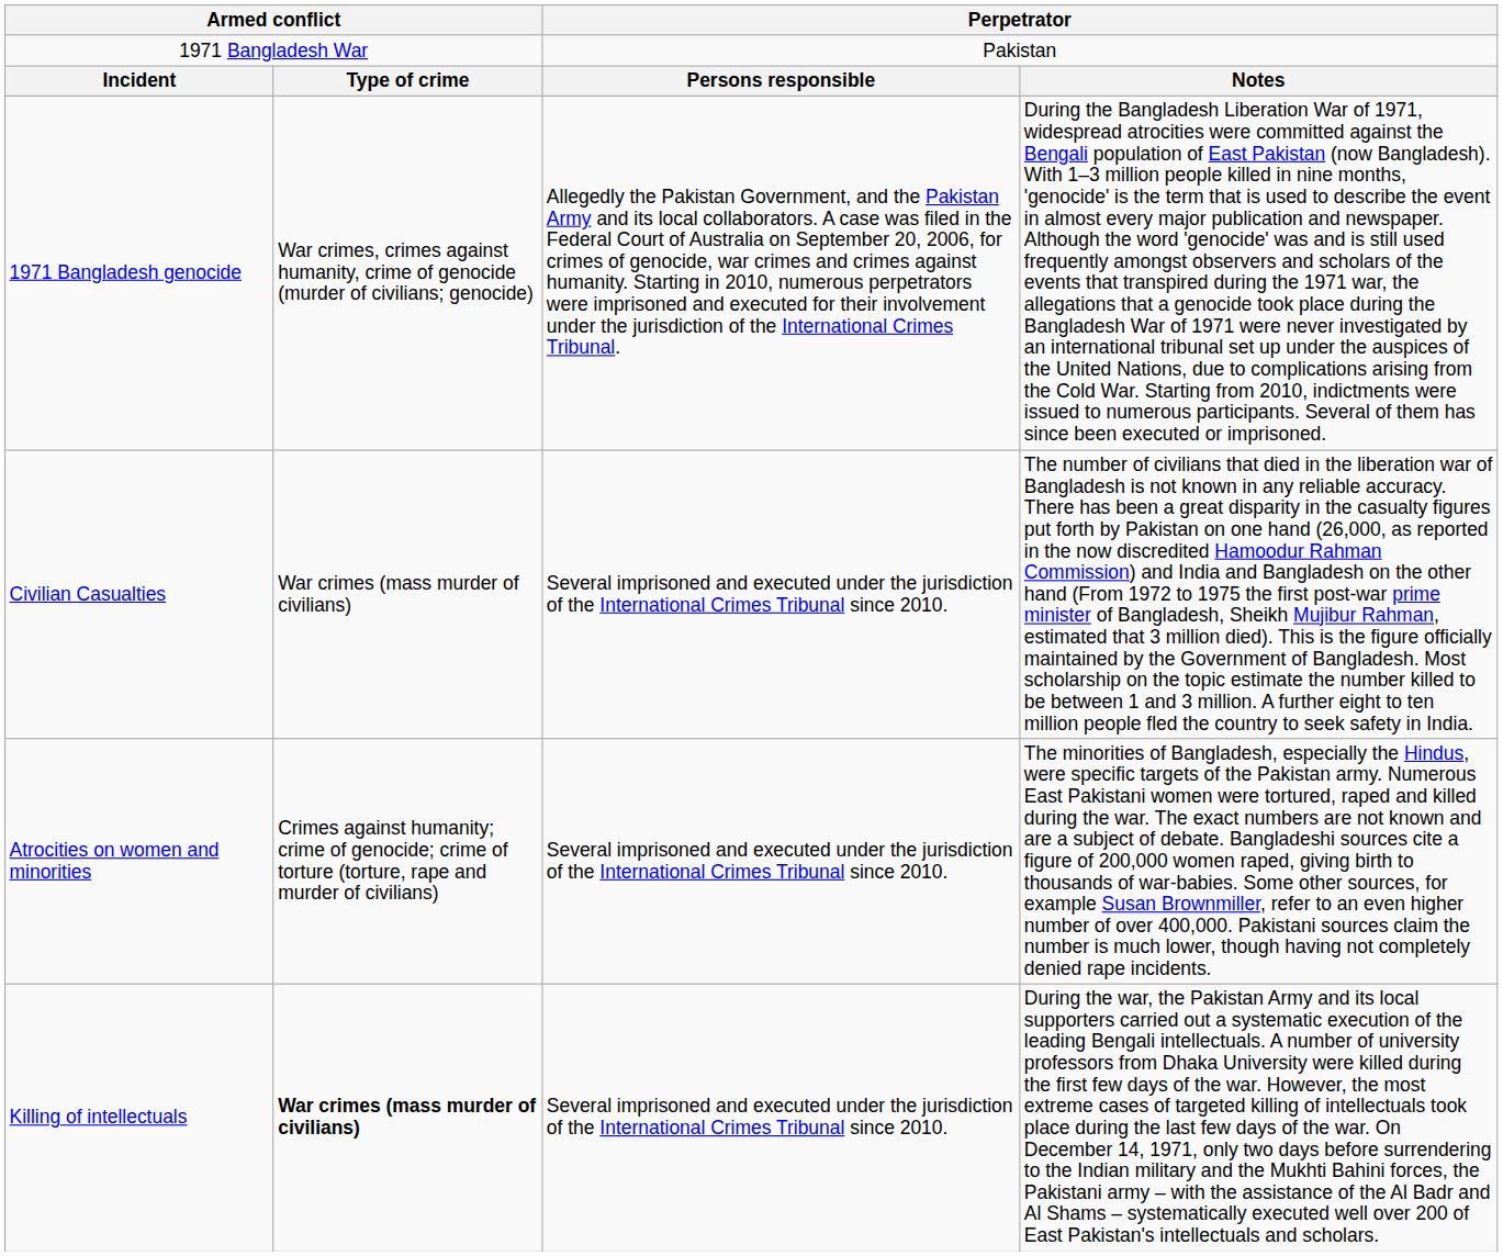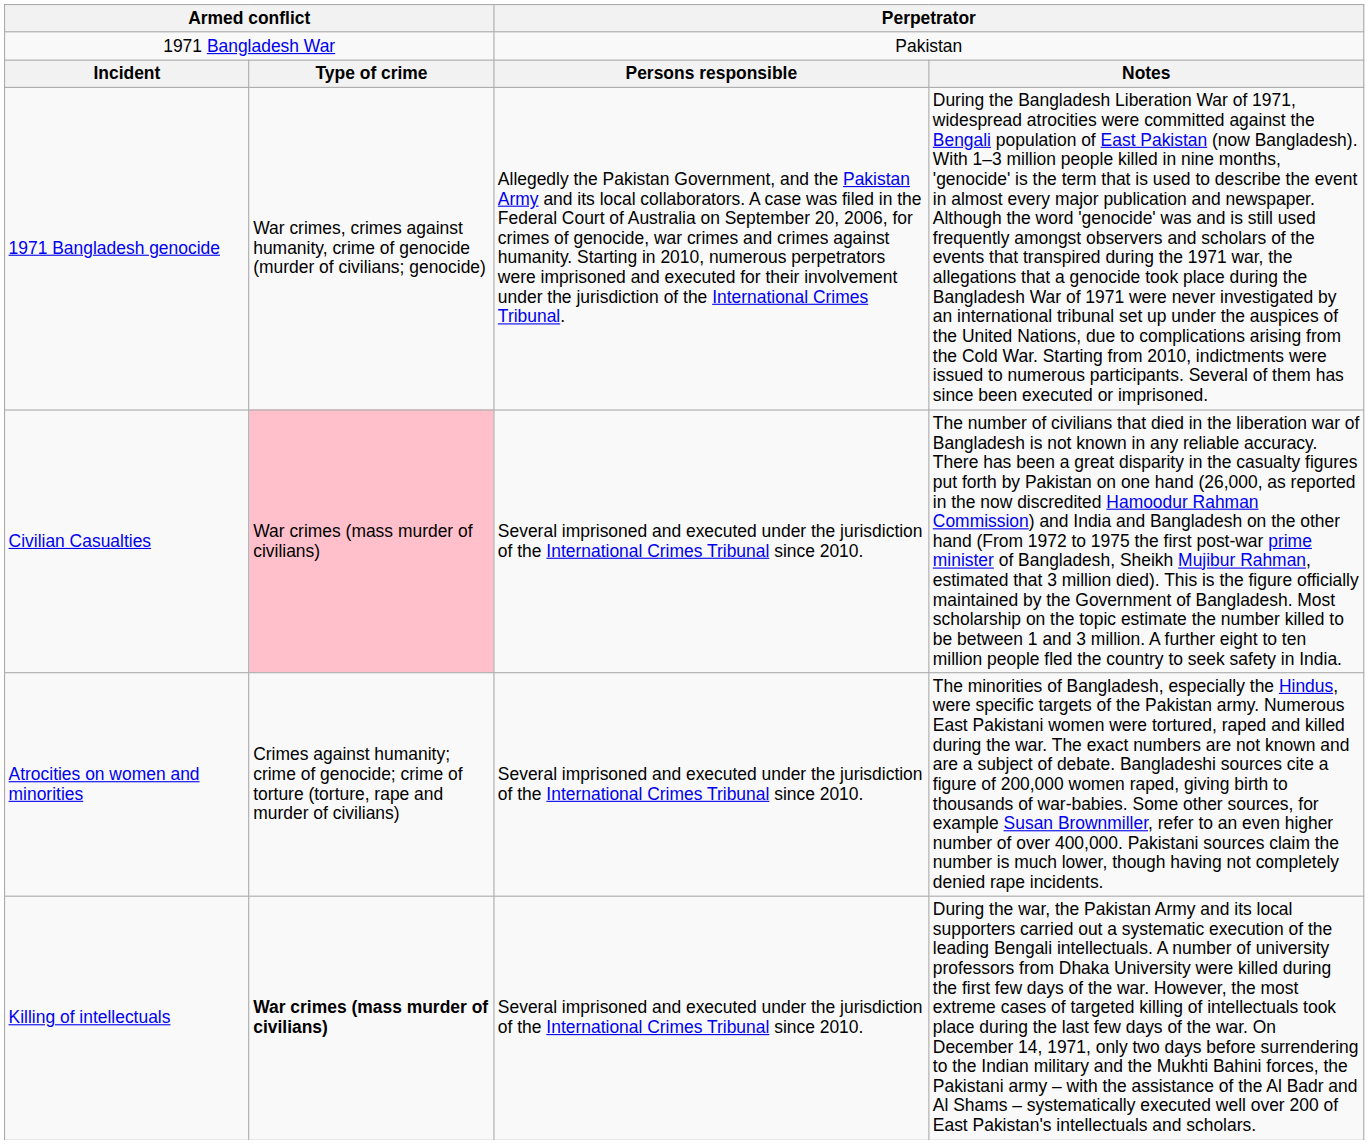 <table class="wikitable">
 <tr>
 <th colspan="2">Armed conflict</th>
 <th colspan="2">Perpetrator</th>
 </tr>
 <tr style="text-align:center;">
 <td colspan="2">1971 <a href='#'>Bangladesh War</a></td>
 <td colspan="2">Pakistan</td>
 </tr>
 <tr>
 <th>Incident</th>
 <th>Type of crime</th>
 <th>Persons responsible</th>
 <th>Notes</th>
 </tr>
 <tr>
 <td style="width:18%;"><a href='#'>1971 Bangladesh genocide</a></td>
 <td style="width:18%;">War crimes, crimes against humanity, crime of genocide (murder of civilians; genocide)</td>
 <td style="width:32%;">Allegedly the Pakistan Government, and the <a href='#'>Pakistan Army</a> and its local collaborators. A case was filed in the Federal Court of Australia on September 20, 2006, for crimes of genocide, war crimes and crimes against humanity. Starting in 2010, numerous perpetrators were imprisoned and executed for their involvement under the jurisdiction of the <a href='#'>International Crimes Tribunal</a>.</td>
 <td style="width:32%;">During the Bangladesh Liberation War of 1971, widespread atrocities were committed against the <a href='#'>Bengali</a> population of <a href='#'>East Pakistan</a> (now Bangladesh). With 1–3 million people killed in nine months, 'genocide' is the term that is used to describe the event in almost every major publication and newspaper. Although the word 'genocide' was and is still used frequently amongst observers and scholars of the events that transpired during the 1971 war, the allegations that a genocide took place during the Bangladesh War of 1971 were never investigated by an international tribunal set up under the auspices of the United Nations, due to complications arising from the Cold War. Starting from 2010, indictments were issued to numerous participants. Several of them has since been executed or imprisoned.</td>
 </tr>
 <tr>
 <td><a href='#'>Civilian Casualties</a></td>
-<td>War crimes (mass murder of civilians)</td>
+<td style="background: pink;">War crimes (mass murder of civilians)</td>
 <td>Several imprisoned and executed under the jurisdiction of the <a href='#'>International Crimes Tribunal</a> since 2010.</td>
 <td>The number of civilians that died in the liberation war of Bangladesh is not known in any reliable accuracy. There has been a great disparity in the casualty figures put forth by Pakistan on one hand (26,000, as reported in the now discredited <a href='#'>Hamoodur Rahman Commission</a>) and India and Bangladesh on the other hand (From 1972 to 1975 the first post-war <a href='#'>prime minister</a> of Bangladesh, Sheikh <a href='#'>Mujibur Rahman</a>, estimated that 3 million died). This is the figure officially maintained by the Government of Bangladesh. Most scholarship on the topic estimate the number killed to be between 1 and 3 million. A further eight to ten million people fled the country to seek safety in India.</td>
 </tr>
 <tr>
 <td><a href='#'>Atrocities on women and minorities</a></td>
 <td>Crimes against humanity; crime of genocide; crime of torture (torture, rape and murder of civilians)</td>
 <td>Several imprisoned and executed under the jurisdiction of the <a href='#'>International Crimes Tribunal</a> since 2010.</td>
 <td>The minorities of Bangladesh, especially the <a href='#'>Hindus</a>, were specific targets of the Pakistan army. Numerous East Pakistani women were tortured, raped and killed during the war. The exact numbers are not known and are a subject of debate. Bangladeshi sources cite a figure of 200,000 women raped, giving birth to thousands of war-babies. Some other sources, for example <a href='#'>Susan Brownmiller</a>, refer to an even higher number of over 400,000. Pakistani sources claim the number is much lower, though having not completely denied rape incidents.</td>
 </tr>
 <tr>
 <td><a href='#'>Killing of intellectuals</a></td>
 <td><strong>War crimes (mass murder of civilians)</strong></td>
 <td>Several imprisoned and executed under the jurisdiction of the <a href='#'>International Crimes Tribunal</a> since 2010.</td>
 <td>During the war, the Pakistan Army and its local supporters carried out a systematic execution of the leading Bengali intellectuals. A number of university professors from Dhaka University were killed during the first few days of the war. However, the most extreme cases of targeted killing of intellectuals took place during the last few days of the war. On December 14, 1971, only two days before surrendering to the Indian military and the Mukhti Bahini forces, the Pakistani army – with the assistance of the Al Badr and Al Shams – systematically executed well over 200 of East Pakistan's intellectuals and scholars.</td>
 </tr>
 </table>
